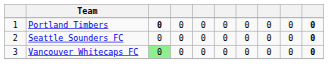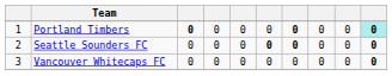 <table class="wikitable" style="text-align: center;">
 <tr>
 <th width="28"></th>
 <th width="185">Team</th>
 <th width="28"></th>
 <th width="28"></th>
 <th width="28"></th>
 <th width="28"></th>
 <th width="28"></th>
 <th width="28"></th>
 <th width="28"></th>
 <th width="28"></th>
 </tr>
 <tr style="background-color:#">
 </tr>
 <tr>
 </tr>
 <tr>
 <td>1</td>
 <td style="text-align:left;"><a href='#'>Portland Timbers</a></td>
 <td><strong>0</strong></td>
 <td>0</td>
 <td>0</td>
 <td>0</td>
+<td><strong>0</strong></td>
 <td>0</td>
 <td>0</td>
-<td>0</td>
-<td><strong>0</strong></td>
+<td style="background: paleturquoise;"><strong>0</strong></td>
 </tr>
 <tr>
 <td>2</td>
 <td style="text-align:left;"><a href='#'>Seattle Sounders FC</a></td>
 <td>0</td>
 <td>0</td>
 <td>0</td>
-<td>0</td>
-<td>0</td>
+<td><strong>0</strong></td>
+<td><strong>0</strong></td>
 <td>0</td>
 <td>0</td>
 <td><strong>0</strong></td>
 </tr>
 <tr>
 <td>3</td>
 <td style="text-align:left;"><a href='#'>Vancouver Whitecaps FC</a></td>
-<td style="background: lightgreen;">0</td>
+<td>0</td>
 <td>0</td>
 <td>0</td>
 <td>0</td>
 <td>0</td>
 <td>0</td>
 <td>0</td>
 <td><strong>0</strong></td>
 </tr>
 <tr>
 </tr>
 </table>
